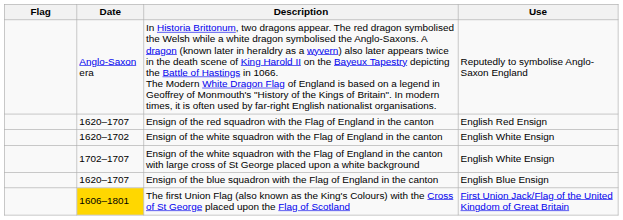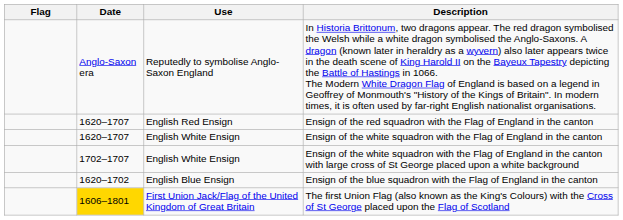 <table class="wikitable">
 <tr style="background:#efefef;">
 <th style="width:110px;">Flag</th>
 <th style="width:100px;">Date</th>
+<th style="width:250px;">Use</th>
 <th style="width:500px;">Description</th>
-<th style="width:250px;">Use</th>
 </tr>
 <tr>
 <td></td>
 <td><a href='#'>Anglo-Saxon</a> era</td>
+<td>Reputedly to symbolise Anglo-Saxon England</td>
 <td>In <a href='#'>Historia Brittonum</a>, two dragons appear. The red dragon symbolised the Welsh while a white dragon symbolised the Anglo-Saxons. A <a href='#'>dragon</a> (known later in heraldry as a <a href='#'>wyvern</a>) also later appears twice in the death scene of <a href='#'>King Harold II</a> on the <a href='#'>Bayeux Tapestry</a> depicting the <a href='#'>Battle of Hastings</a> in 1066.<br>The Modern <a href='#'>White Dragon Flag</a> of England is based on a legend in Geoffrey of Monmouth's "History of the Kings of Britain". In modern times, it is often used by  far-right English nationalist organisations.</td>
-<td>Reputedly to symbolise Anglo-Saxon England</td>
 </tr>
 <tr>
 <td></td>
 <td>1620–1707</td>
+<td>English Red Ensign</td>
 <td>Ensign of the red squadron with the Flag of England in the canton</td>
-<td>English Red Ensign</td>
+</tr>
+<tr>
+<td></td>
+<td>1620–1707</td>
+<td>English White Ensign</td>
+<td>Ensign of the white squadron with the Flag of England in the canton</td>
+</tr>
+<tr>
+<td></td>
+<td>1702–1707</td>
+<td>English White Ensign</td>
+<td>Ensign of the white squadron with the Flag of England in the canton with large cross of St George placed upon a white background</td>
 </tr>
 <tr>
 <td></td>
 <td>1620–1702</td>
-<td>Ensign of the white squadron with the Flag of England in the canton</td>
-<td>English White Ensign</td>
-</tr>
-<tr>
-<td></td>
-<td>1702–1707</td>
-<td>Ensign of the white squadron with the Flag of England in the canton with large cross of St George placed upon a white background</td>
-<td>English White Ensign</td>
-</tr>
-<tr>
-<td></td>
-<td>1620–1707</td>
+<td>English Blue Ensign</td>
 <td>Ensign of the blue squadron with the Flag of England in the canton</td>
-<td>English Blue Ensign</td>
 </tr>
 <tr>
 <td></td>
 <td style="background: gold;">1606–1801</td>
+<td><a href='#'>First Union Jack/Flag of the United Kingdom of Great Britain</a></td>
 <td>The first Union Flag (also known as the King's Colours) with the <a href='#'>Cross of St George</a> placed upon the <a href='#'>Flag of Scotland</a></td>
-<td><a href='#'>First Union Jack/Flag of the United Kingdom of Great Britain</a></td>
 </tr>
 </table>
